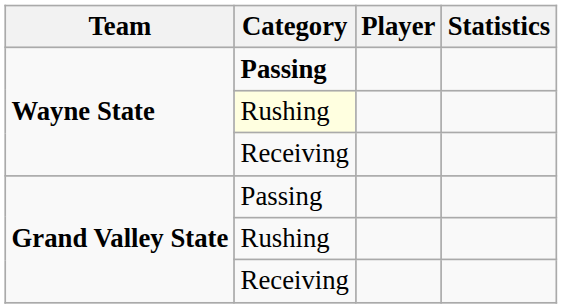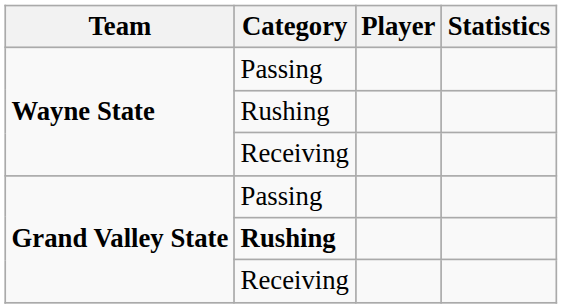 <table class="wikitable" style="float: right;">
 <tr>
 <th>Team</th>
 <th>Category</th>
 <th>Player</th>
 <th>Statistics</th>
 </tr>
 <tr>
 <td rowspan=3><strong>Wayne State</strong></td>
-<td><strong>Passing</strong></td>
+<td>Passing</td>
 <td></td>
 <td></td>
 </tr>
 <tr>
-<td style="background: lightyellow;">Rushing</td>
+<td>Rushing</td>
 <td></td>
 <td></td>
 </tr>
 <tr>
 <td>Receiving</td>
 <td></td>
 <td></td>
 </tr>
 <tr>
 <td rowspan=3><strong>Grand Valley State</strong></td>
 <td>Passing</td>
 <td></td>
 <td></td>
 </tr>
 <tr>
-<td>Rushing</td>
+<td><strong>Rushing</strong></td>
 <td></td>
 <td></td>
 </tr>
 <tr>
 <td>Receiving</td>
 <td></td>
 <td></td>
 </tr>
 </table>
